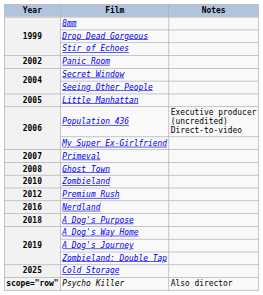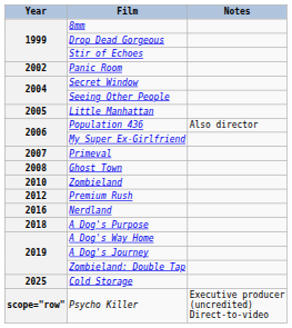 <table class="wikitable plainrowheaders" style="font-size:95%;">
 <tr>
 <th scope="col" style="background:#B0C4DE;">Year</th>
 <th scope="col" style="background:#B0C4DE;">Film</th>
 <th scope="col" style="background:#B0C4DE;">Notes</th>
 </tr>
 <tr>
 <th scope="row" rowspan="3">1999</th>
 <td><em><a href='#'>8mm</a></em></td>
 <td></td>
 </tr>
 <tr>
 <td><em><a href='#'>Drop Dead Gorgeous</a></em></td>
 <td></td>
 </tr>
 <tr>
 <td><em><a href='#'>Stir of Echoes</a></em></td>
 <td></td>
 </tr>
 <tr>
 <th scope="row">2002</th>
 <td><em><a href='#'>Panic Room</a></em></td>
 <td></td>
 </tr>
 <tr>
 <th scope="row" rowspan="2">2004</th>
 <td><em><a href='#'>Secret Window</a></em></td>
 <td></td>
 </tr>
 <tr>
 <td><em><a href='#'>Seeing Other People</a></em></td>
 <td></td>
 </tr>
 <tr>
 <th scope="row">2005</th>
 <td><em><a href='#'>Little Manhattan</a></em></td>
 <td></td>
 </tr>
 <tr>
 <th scope="row" rowspan="2">2006</th>
 <td><em><a href='#'>Population 436</a></em></td>
-<td>Executive producer<br>(uncredited)<br>Direct-to-video</td>
+<td>Also director</td>
 </tr>
 <tr>
 <td><em><a href='#'>My Super Ex-Girlfriend</a></em></td>
 <td></td>
 </tr>
 <tr>
 <th scope="row">2007</th>
 <td><em><a href='#'>Primeval</a></em></td>
 <td></td>
 </tr>
 <tr>
 <th scope="row">2008</th>
 <td><em><a href='#'>Ghost Town</a></em></td>
 <td></td>
 </tr>
 <tr>
 <th scope="row">2010</th>
 <td><em><a href='#'>Zombieland</a></em></td>
 <td></td>
 </tr>
 <tr>
 <th scope="row">2012</th>
 <td><em><a href='#'>Premium Rush</a></em></td>
 <td></td>
 </tr>
 <tr>
 <th scope="row">2016</th>
 <td><em><a href='#'>Nerdland</a></em></td>
 <td></td>
 </tr>
 <tr>
 <th scope="row">2018</th>
 <td><em><a href='#'>A Dog's Purpose</a></em></td>
 <td></td>
 </tr>
 <tr>
 <th scope="row" rowspan="3">2019</th>
 <td><em><a href='#'>A Dog's Way Home</a></em></td>
 <td></td>
 </tr>
 <tr>
 <td><em><a href='#'>A Dog's Journey</a></em></td>
 <td></td>
 </tr>
 <tr>
 <td><em><a href='#'>Zombieland: Double Tap</a></em></td>
 <td></td>
 </tr>
 <tr>
 <th scope="row">2025</th>
 <td><em><a href='#'>Cold Storage</a></em></td>
 <td></td>
 </tr>
 <tr>
 <th>scope="row" </th>
 <td><em>Psycho Killer</em></td>
-<td>Also director</td>
+<td>Executive producer<br>(uncredited)<br>Direct-to-video</td>
 </tr>
 </table>
